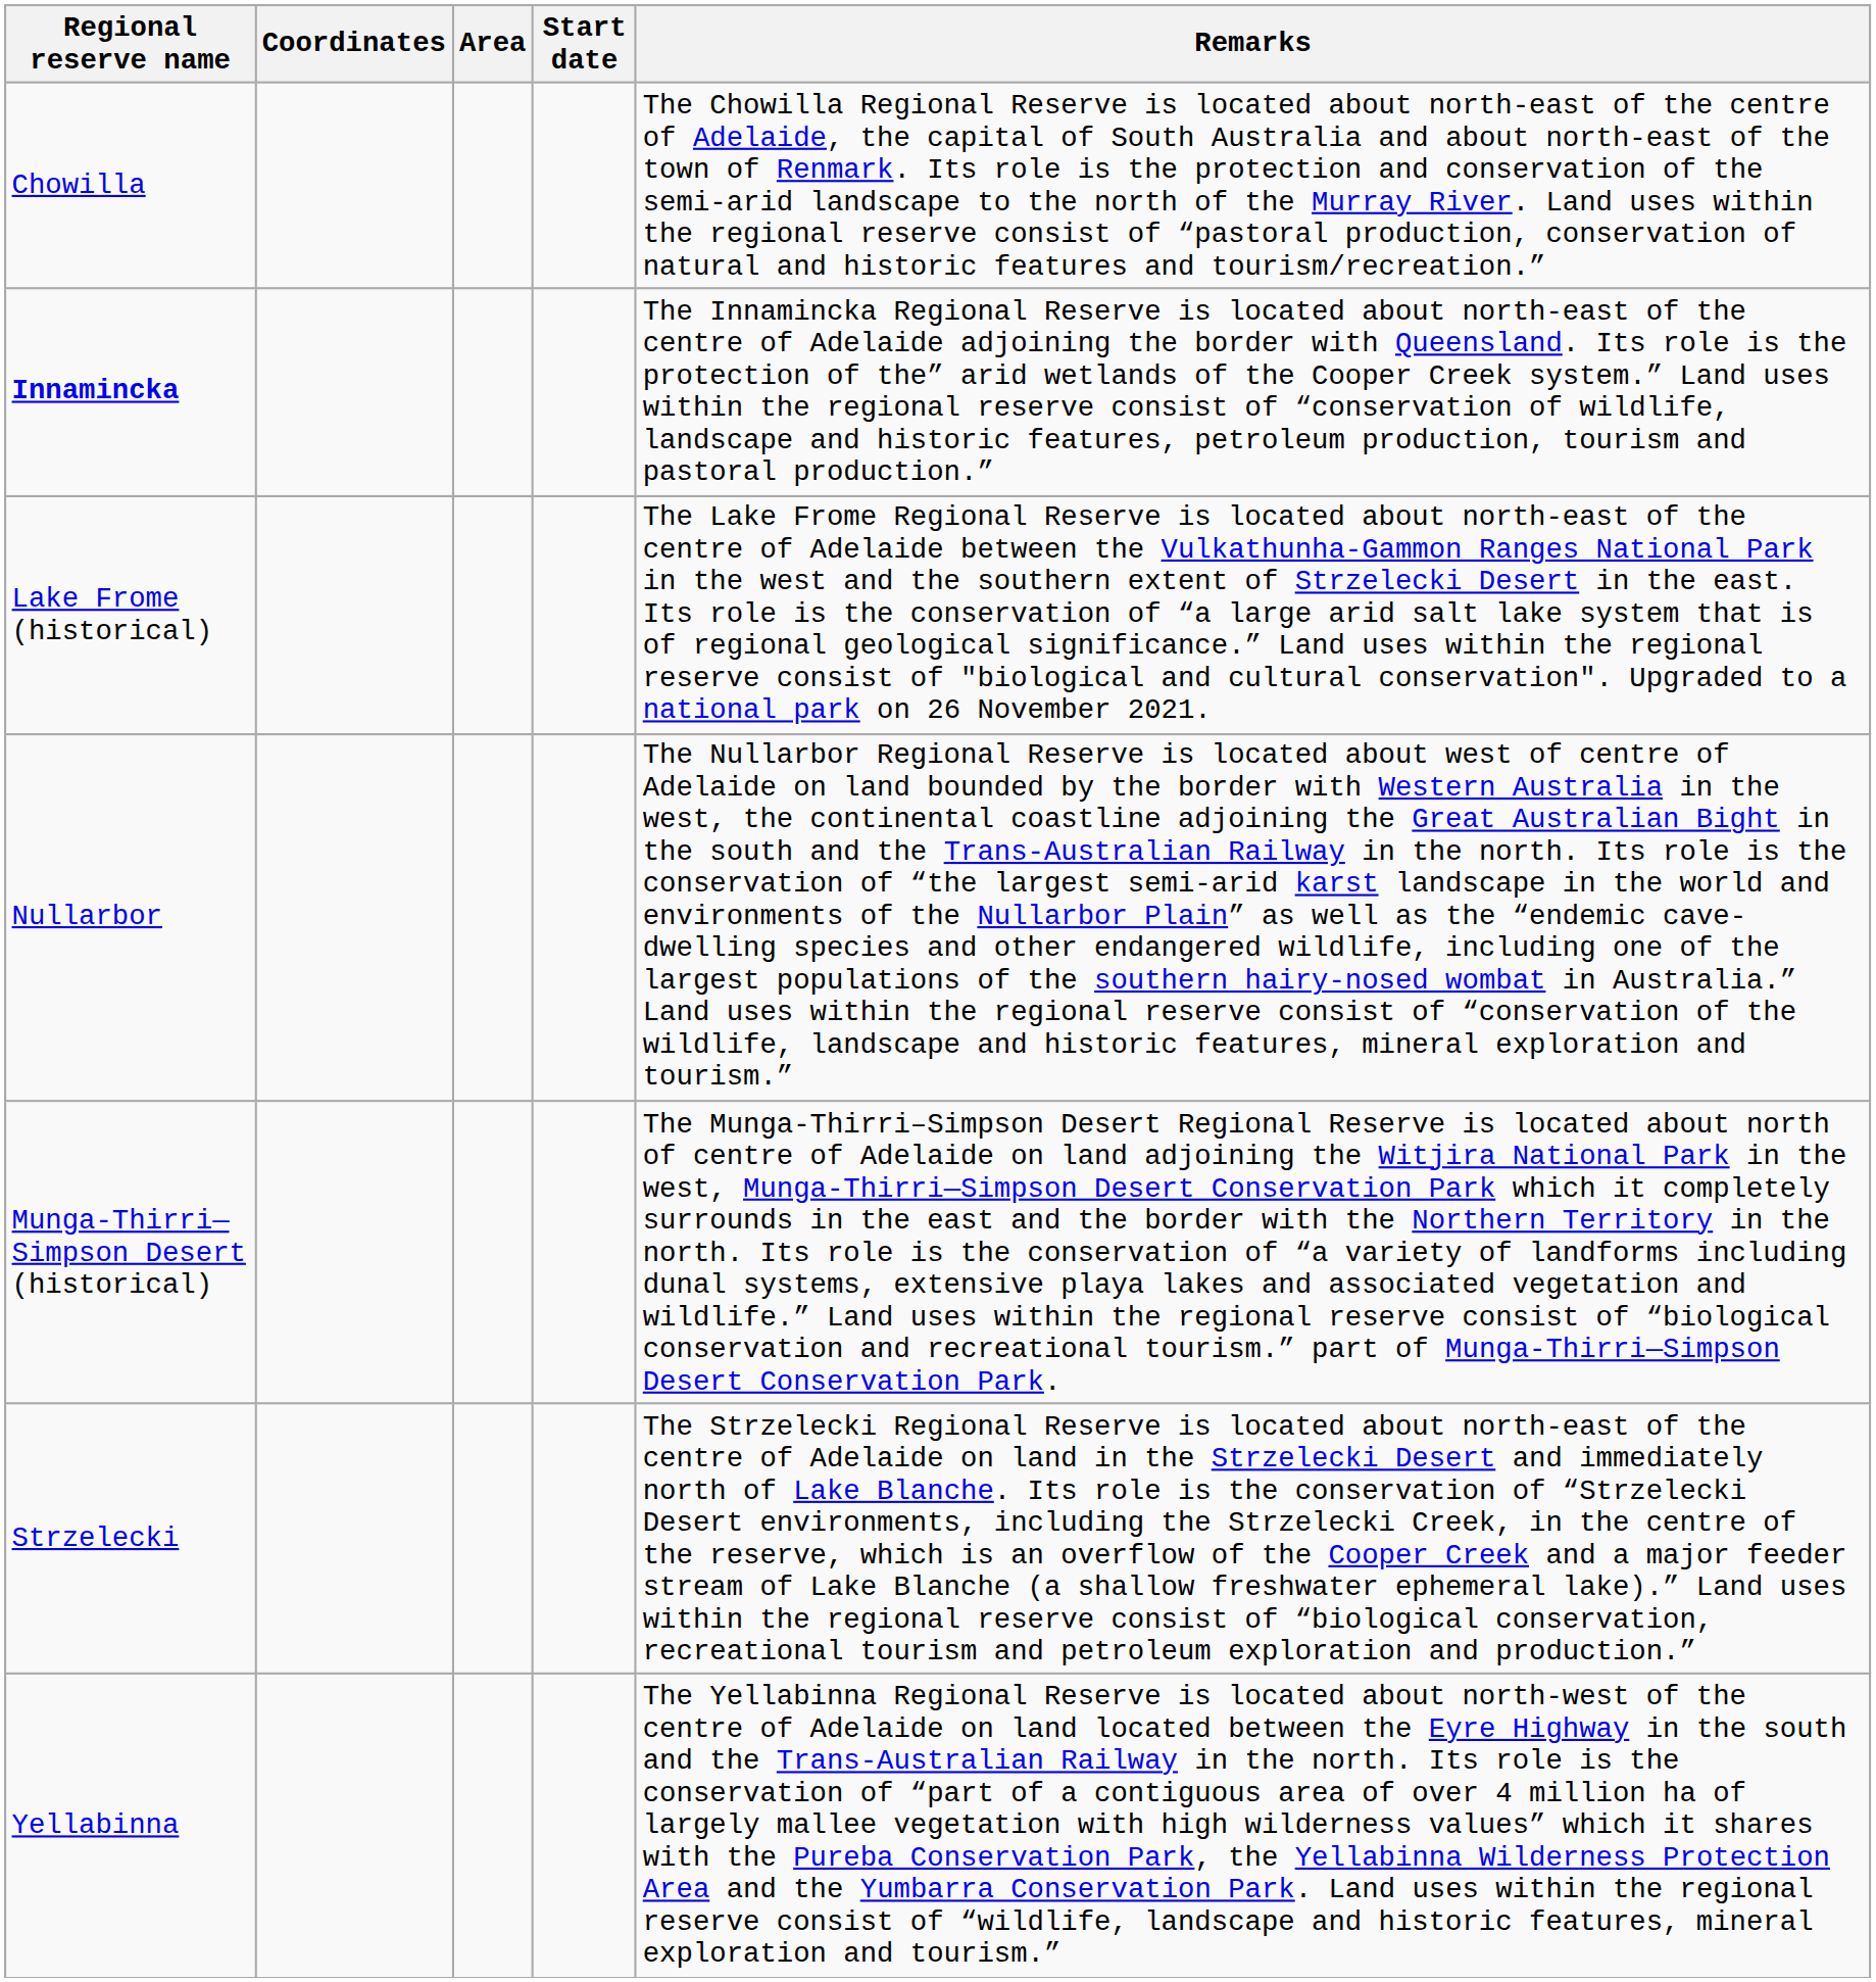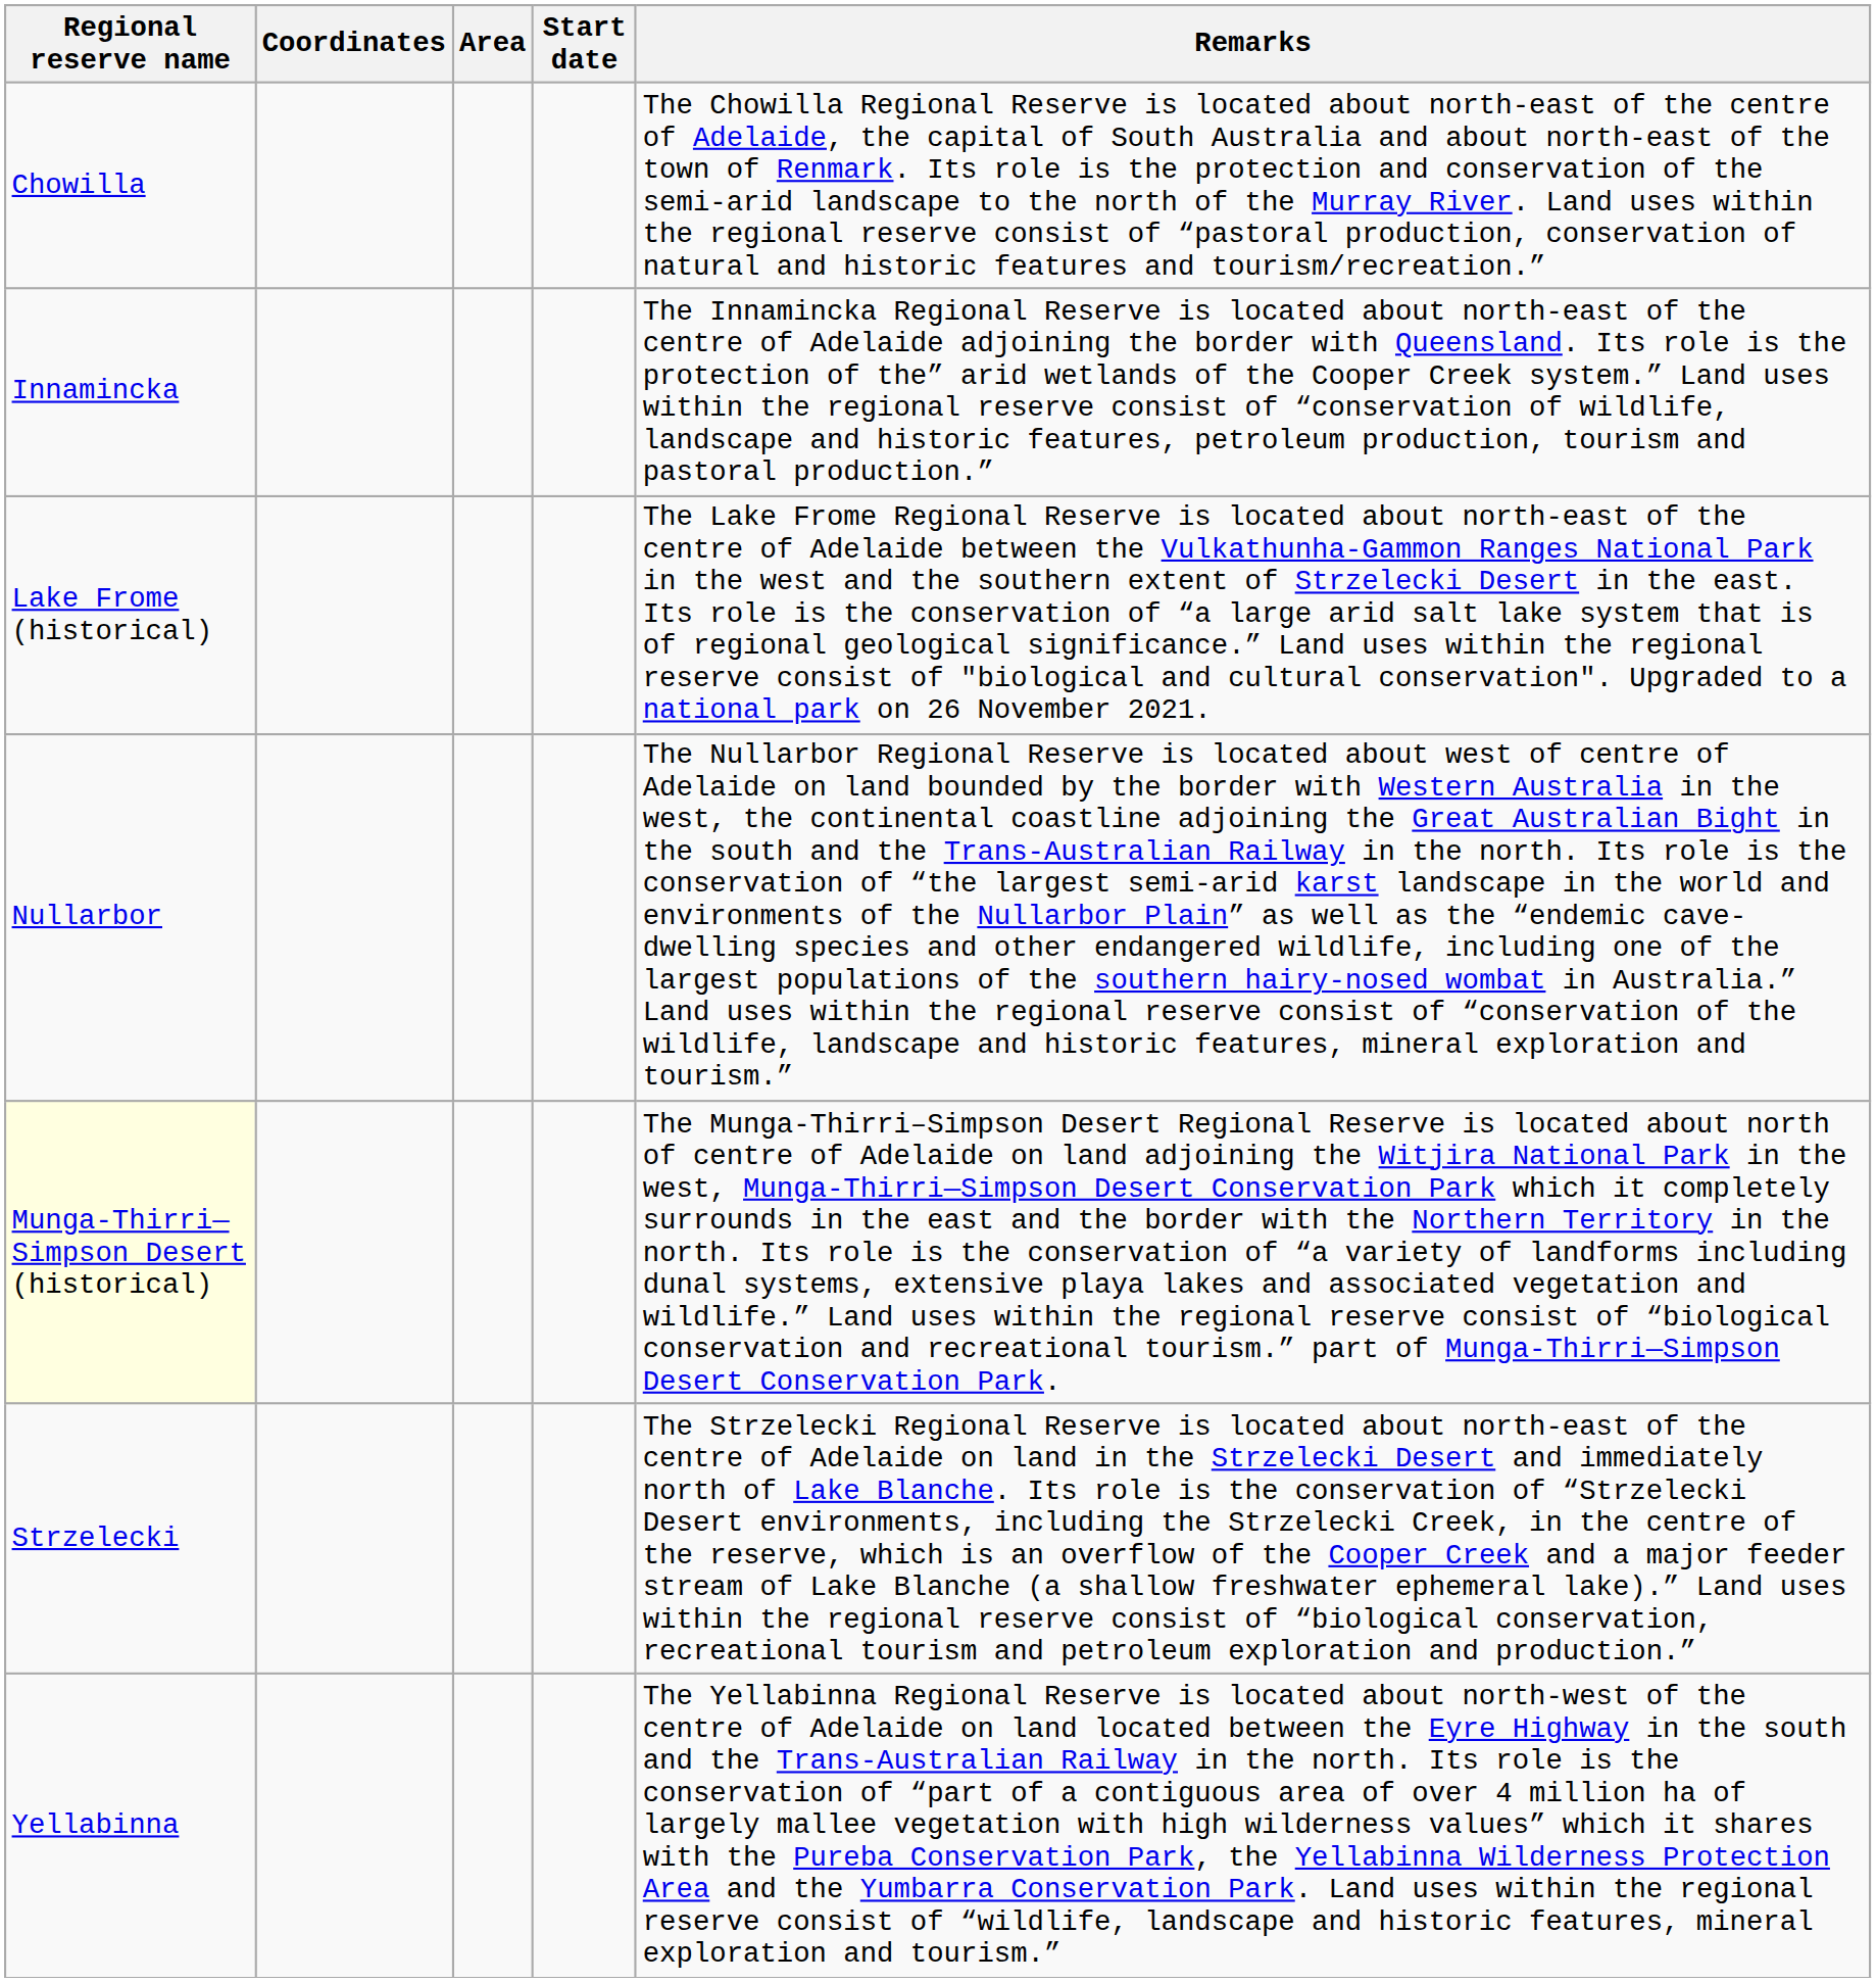 <table class="wikitable">
 <tr>
 <th>Regional reserve name</th>
 <th>Coordinates</th>
 <th>Area</th>
 <th>Start date</th>
 <th>Remarks</th>
 </tr>
 <tr>
 <td><a href='#'>Chowilla</a></td>
 <td></td>
 <td></td>
 <td></td>
 <td>The Chowilla Regional Reserve is located about  north-east of the centre of <a href='#'>Adelaide</a>, the capital of South Australia and about  north-east of the town of <a href='#'>Renmark</a>. Its role is the protection and conservation of the semi-arid landscape to the north of the <a href='#'>Murray River</a>. Land uses within the regional reserve consist of “pastoral production, conservation of natural and historic features and tourism/recreation.”</td>
 </tr>
 <tr>
-<td><strong><a href='#'>Innamincka</a></strong></td>
+<td><a href='#'>Innamincka</a></td>
 <td></td>
 <td></td>
 <td></td>
 <td>The Innamincka Regional Reserve is located about  north-east of the centre of Adelaide adjoining the border with <a href='#'>Queensland</a>. Its role is the protection of the” arid wetlands of the Cooper Creek system.” Land uses within the regional reserve consist of “conservation of wildlife, landscape and historic features, petroleum production, tourism and pastoral production.”</td>
 </tr>
 <tr>
 <td><a href='#'>Lake Frome</a> (historical)</td>
 <td></td>
 <td></td>
 <td></td>
 <td>The Lake Frome Regional Reserve is located about  north-east of the centre of Adelaide between the <a href='#'>Vulkathunha-Gammon Ranges National Park</a> in the west and the southern extent of <a href='#'>Strzelecki Desert</a> in the east. Its role is the conservation of “a large arid salt lake system that is of regional geological significance.” Land uses within the regional reserve consist of "biological and cultural conservation". Upgraded to a <a href='#'>national park</a> on 26  November 2021.</td>
 </tr>
 <tr>
 <td><a href='#'>Nullarbor</a></td>
 <td></td>
 <td></td>
 <td></td>
 <td>The Nullarbor Regional Reserve is located about  west of centre of Adelaide on land bounded by the border with <a href='#'>Western Australia</a> in the west, the continental coastline adjoining the <a href='#'>Great Australian Bight</a> in the south and the <a href='#'>Trans-Australian Railway</a> in the north. Its role is the conservation of “the largest semi-arid <a href='#'>karst</a> landscape in the world and environments of the <a href='#'>Nullarbor Plain</a>” as well as the “endemic cave-dwelling species and other endangered wildlife, including one of the largest populations of the <a href='#'>southern hairy-nosed wombat</a> in Australia.” Land uses within the regional reserve consist of “conservation of the wildlife, landscape and historic features, mineral exploration and tourism.”</td>
 </tr>
 <tr>
-<td><a href='#'>Munga-Thirri—Simpson Desert</a> (historical)</td>
+<td style="background: lightyellow;"><a href='#'>Munga-Thirri—Simpson Desert</a> (historical)</td>
 <td></td>
 <td></td>
 <td></td>
 <td>The Munga-Thirri–Simpson Desert Regional Reserve is located about  north of centre of Adelaide on land adjoining the <a href='#'>Witjira National Park</a> in the west, <a href='#'>Munga-Thirri—Simpson Desert Conservation Park</a> which it completely surrounds in the east and the border with the <a href='#'>Northern Territory</a> in the north. Its role is the conservation of “a variety of landforms including dunal systems, extensive playa lakes and associated vegetation and wildlife.” Land uses within the regional reserve consist of “biological conservation and recreational tourism.”  part of <a href='#'>Munga-Thirri—Simpson Desert Conservation Park</a>.</td>
 </tr>
 <tr>
 <td><a href='#'>Strzelecki</a></td>
 <td></td>
 <td></td>
 <td></td>
 <td>The Strzelecki Regional Reserve is located about  north-east of the centre of Adelaide on land in the <a href='#'>Strzelecki Desert</a> and immediately north of <a href='#'>Lake Blanche</a>. Its role is the conservation of “Strzelecki Desert environments, including the Strzelecki Creek, in the centre of the reserve, which is an overflow of the <a href='#'>Cooper Creek</a> and a major feeder stream of Lake Blanche (a shallow freshwater ephemeral lake).” Land uses within the regional reserve consist of “biological conservation, recreational tourism and petroleum exploration and production.”</td>
 </tr>
 <tr>
 <td><a href='#'>Yellabinna</a></td>
 <td></td>
 <td></td>
 <td></td>
 <td>The Yellabinna Regional Reserve is located about  north-west of the centre of Adelaide on land located between the <a href='#'>Eyre Highway</a> in the south and the <a href='#'>Trans-Australian Railway</a> in the north. Its role is the conservation of “part of a contiguous area of over 4 million ha of largely mallee vegetation with high wilderness values” which it shares with the <a href='#'>Pureba Conservation Park</a>, the <a href='#'>Yellabinna Wilderness Protection Area</a> and the <a href='#'>Yumbarra Conservation Park</a>. Land uses within the regional reserve consist of “wildlife, landscape and historic features, mineral exploration and tourism.”</td>
 </tr>
 <tr>
 </tr>
 </table>
